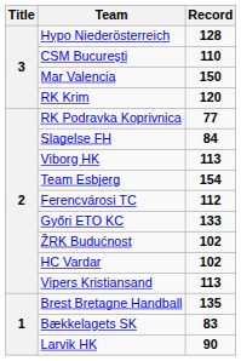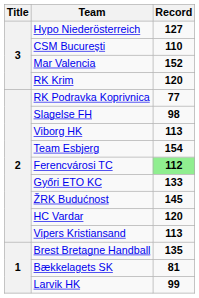 <table class="wikitable" style="text-align: center;">
 <tr>
 <th>Title</th>
 <th class="unsortable">Team</th>
 <th>Record</th>
 </tr>
 <tr>
 <th rowspan="4">3</th>
 <td style="text-align: left;"> <a href='#'>Hypo Niederösterreich</a></td>
-<td><strong>128</strong></td>
+<td><strong>127</strong></td>
 </tr>
 <tr>
 <td style="text-align: left;"> <a href='#'>CSM București</a></td>
 <td><strong>110</strong></td>
 </tr>
 <tr>
 <td style="text-align: left;"> <a href='#'>Mar Valencia</a></td>
-<td><strong>150</strong></td>
+<td><strong>152</strong></td>
 </tr>
 <tr>
 <td style="text-align: left;"> <a href='#'>RK Krim</a></td>
 <td><strong>120</strong></td>
 </tr>
 <tr>
 <th rowspan="9">2</th>
 <td style="text-align: left;"> <a href='#'>RK Podravka Koprivnica</a></td>
 <td><strong>77</strong></td>
 </tr>
 <tr>
 <td style="text-align: left;"> <a href='#'>Slagelse FH</a></td>
-<td><strong>84</strong></td>
+<td><strong>98</strong></td>
 </tr>
 <tr>
 <td style="text-align: left;"> <a href='#'>Viborg HK</a></td>
 <td><strong>113</strong></td>
 </tr>
 <tr>
 <td style="text-align: left;"> <a href='#'>Team Esbjerg</a></td>
 <td><strong>154</strong></td>
 </tr>
 <tr>
 <td style="text-align: left;"> <a href='#'>Ferencvárosi TC</a></td>
-<td><strong>112</strong></td>
+<td style="background: lightgreen;"><strong>112</strong></td>
 </tr>
 <tr>
 <td style="text-align: left;"> <a href='#'>Győri ETO KC</a></td>
 <td><strong>133</strong></td>
 </tr>
 <tr>
 <td style="text-align: left;"> <a href='#'>ŽRK Budućnost</a></td>
-<td><strong>102</strong></td>
+<td><strong>145</strong></td>
 </tr>
 <tr>
 <td style="text-align: left;"> <a href='#'>HC Vardar</a></td>
-<td><strong>102</strong></td>
+<td><strong>120</strong></td>
 </tr>
 <tr>
 <td style="text-align: left;"> <a href='#'>Vipers Kristiansand</a></td>
 <td><strong>113</strong></td>
 </tr>
 <tr>
 <th rowspan="3">1</th>
 <td style="text-align: left;"> <a href='#'>Brest Bretagne Handball</a></td>
 <td><strong>135</strong></td>
 </tr>
 <tr>
 <td style="text-align: left;"> <a href='#'>Bækkelagets SK</a></td>
-<td><strong>83</strong></td>
+<td><strong>81</strong></td>
 </tr>
 <tr>
 <td style="text-align: left;"> <a href='#'>Larvik HK</a></td>
-<td><strong>90</strong></td>
+<td><strong>99</strong></td>
 </tr>
 </table>
